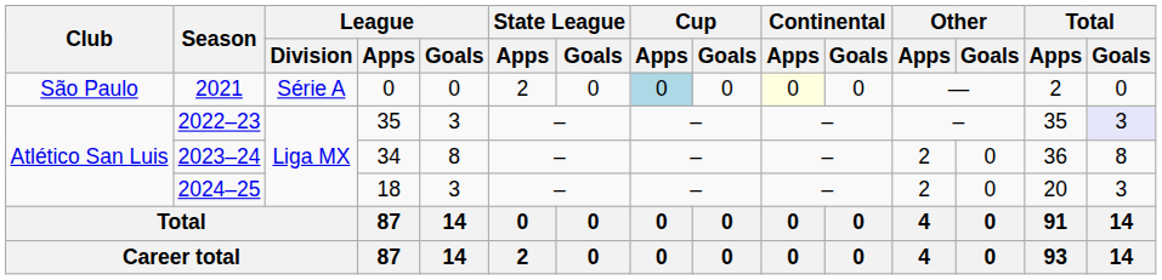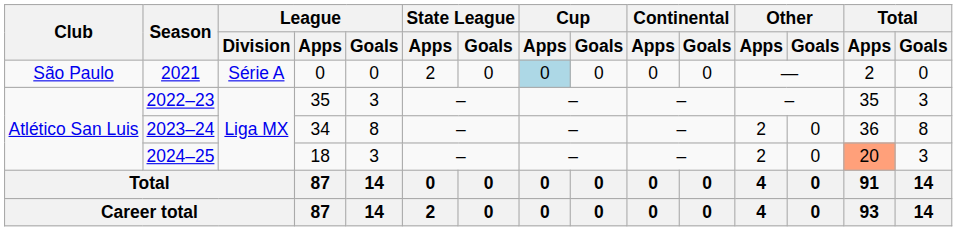 <table class="wikitable" style="text-align: center;">
 <tr>
 <th rowspan="2">Club</th>
 <th rowspan="2">Season</th>
 <th colspan="3">League</th>
 <th colspan="2">State League</th>
 <th colspan="2">Cup</th>
 <th colspan="2">Continental</th>
 <th colspan="2">Other</th>
 <th colspan="2">Total</th>
 </tr>
 <tr>
 <th>Division</th>
 <th>Apps</th>
 <th>Goals</th>
 <th>Apps</th>
 <th>Goals</th>
 <th>Apps</th>
 <th>Goals</th>
 <th>Apps</th>
 <th>Goals</th>
 <th>Apps</th>
 <th>Goals</th>
 <th>Apps</th>
 <th>Goals</th>
 </tr>
 <tr>
 <td rowspan="1"><a href='#'>São Paulo</a></td>
 <td><a href='#'>2021</a></td>
 <td><a href='#'>Série A</a></td>
 <td>0</td>
 <td>0</td>
 <td>2</td>
 <td>0</td>
 <td style="background: lightblue;">0</td>
 <td>0</td>
-<td style="background: lightyellow;">0</td>
+<td>0</td>
 <td>0</td>
 <td colspan=2>—</td>
 <td>2</td>
 <td>0</td>
 </tr>
 <tr>
 <td rowspan="3"><a href='#'>Atlético San Luis</a></td>
 <td><a href='#'>2022–23</a></td>
 <td rowspan="3"><a href='#'>Liga MX</a></td>
 <td>35</td>
 <td>3</td>
 <td colspan=2>–</td>
 <td colspan=2>–</td>
 <td colspan=2>–</td>
 <td colspan=2>–</td>
 <td>35</td>
-<td style="background: lavender;">3</td>
+<td>3</td>
 </tr>
 <tr>
 <td><a href='#'>2023–24</a></td>
 <td>34</td>
 <td>8</td>
 <td colspan=2>–</td>
 <td colspan=2>–</td>
 <td colspan=2>–</td>
 <td>2</td>
 <td>0</td>
 <td>36</td>
 <td>8</td>
 </tr>
 <tr>
 <td><a href='#'>2024–25</a></td>
 <td>18</td>
 <td>3</td>
 <td colspan="2">–</td>
 <td colspan="2">–</td>
 <td colspan="2">–</td>
 <td>2</td>
 <td>0</td>
-<td>20</td>
+<td style="background: lightsalmon;">20</td>
 <td>3</td>
 </tr>
 <tr>
 <th colspan="3">Total</th>
 <th>87</th>
 <th>14</th>
 <th>0</th>
 <th>0</th>
 <th>0</th>
 <th>0</th>
 <th>0</th>
 <th>0</th>
 <th>4</th>
 <th>0</th>
 <th>91</th>
 <th>14</th>
 </tr>
 <tr>
 <th colspan="3"><strong>Career total</strong></th>
 <th>87</th>
 <th>14</th>
 <th>2</th>
 <th>0</th>
 <th>0</th>
 <th>0</th>
 <th>0</th>
 <th>0</th>
 <th>4</th>
 <th>0</th>
 <th>93</th>
 <th>14</th>
 </tr>
 </table>
